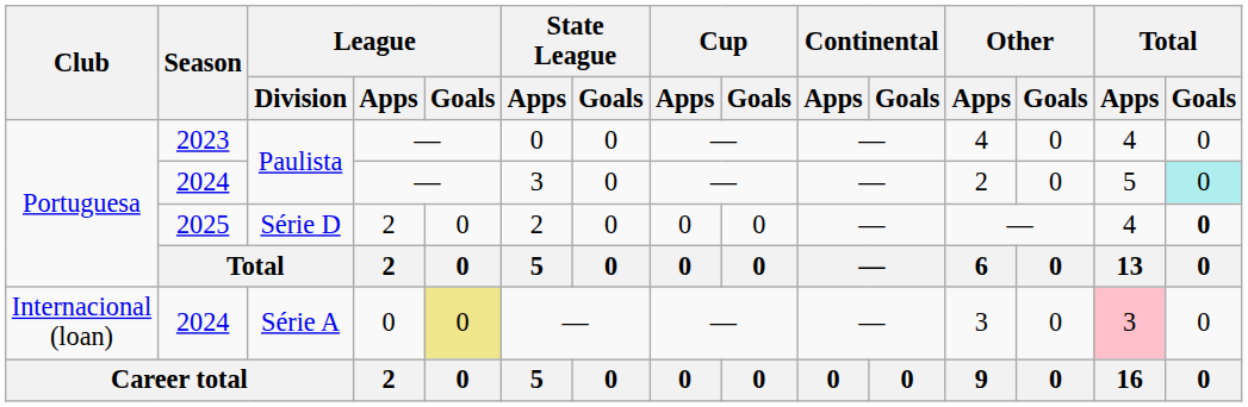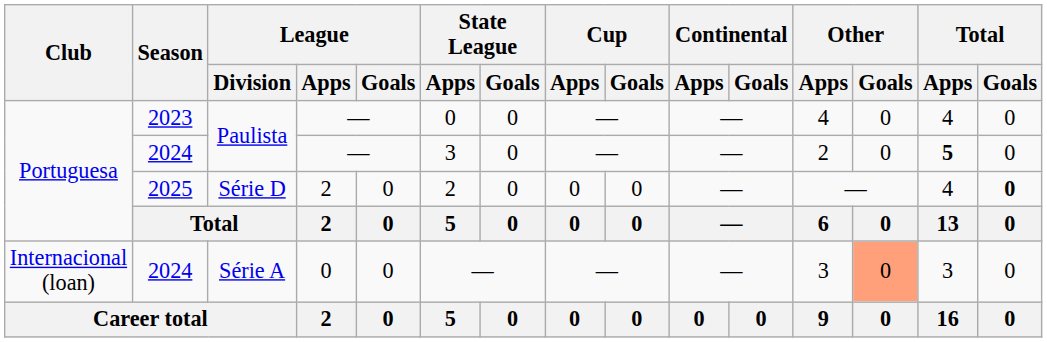 <table class="wikitable" style="text-align: center;">
 <tr>
 <th rowspan="2">Club</th>
 <th rowspan="2">Season</th>
 <th colspan="3">League</th>
 <th colspan="2">State League</th>
 <th colspan="2">Cup</th>
 <th colspan="2">Continental</th>
 <th colspan="2">Other</th>
 <th colspan="2">Total</th>
 </tr>
 <tr>
 <th>Division</th>
 <th>Apps</th>
 <th>Goals</th>
 <th>Apps</th>
 <th>Goals</th>
 <th>Apps</th>
 <th>Goals</th>
 <th>Apps</th>
 <th>Goals</th>
 <th>Apps</th>
 <th>Goals</th>
 <th>Apps</th>
 <th>Goals</th>
 </tr>
 <tr>
 <td rowspan="4" valign="center"><a href='#'>Portuguesa</a></td>
 <td><a href='#'>2023</a></td>
 <td rowspan="2"><a href='#'>Paulista</a></td>
 <td colspan="2">—</td>
 <td>0</td>
 <td>0</td>
 <td colspan="2">—</td>
 <td colspan="2">—</td>
 <td>4</td>
 <td>0</td>
 <td>4</td>
 <td>0</td>
 </tr>
 <tr>
 <td><a href='#'>2024</a></td>
 <td colspan="2">—</td>
 <td>3</td>
 <td>0</td>
 <td colspan="2">—</td>
 <td colspan="2">—</td>
 <td>2</td>
 <td>0</td>
-<td>5</td>
-<td style="background: paleturquoise;">0</td>
+<td><strong>5</strong></td>
+<td>0</td>
 </tr>
 <tr>
 <td><a href='#'>2025</a></td>
 <td><a href='#'>Série D</a></td>
 <td>2</td>
 <td>0</td>
 <td>2</td>
 <td>0</td>
 <td>0</td>
 <td>0</td>
 <td colspan="2">—</td>
 <td colspan="2">—</td>
 <td>4</td>
 <td><strong>0</strong></td>
 </tr>
 <tr>
 <th colspan="2">Total</th>
 <th>2</th>
 <th>0</th>
 <th>5</th>
 <th>0</th>
 <th>0</th>
 <th>0</th>
 <th colspan="2">—</th>
 <th>6</th>
 <th>0</th>
 <th>13</th>
 <th>0</th>
 </tr>
 <tr>
 <td valign="center"><a href='#'>Internacional</a> (loan)</td>
 <td><a href='#'>2024</a></td>
 <td><a href='#'>Série A</a></td>
 <td>0</td>
-<td style="background: khaki;">0</td>
+<td>0</td>
 <td colspan="2">—</td>
 <td colspan="2">—</td>
 <td colspan="2">—</td>
 <td>3</td>
-<td>0</td>
-<td style="background: pink;">3</td>
+<td style="background: lightsalmon;">0</td>
+<td>3</td>
 <td>0</td>
 </tr>
 <tr>
 <th colspan="3"><strong>Career total</strong></th>
 <th>2</th>
 <th>0</th>
 <th>5</th>
 <th>0</th>
 <th>0</th>
 <th>0</th>
 <th>0</th>
 <th>0</th>
 <th>9</th>
 <th>0</th>
 <th>16</th>
 <th>0</th>
 </tr>
 </table>
